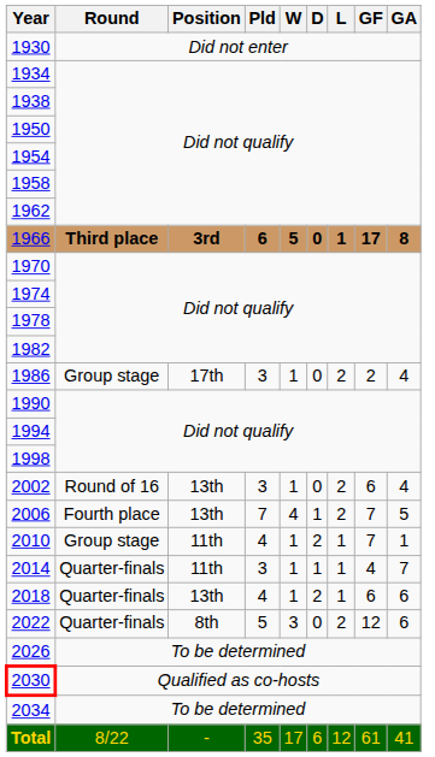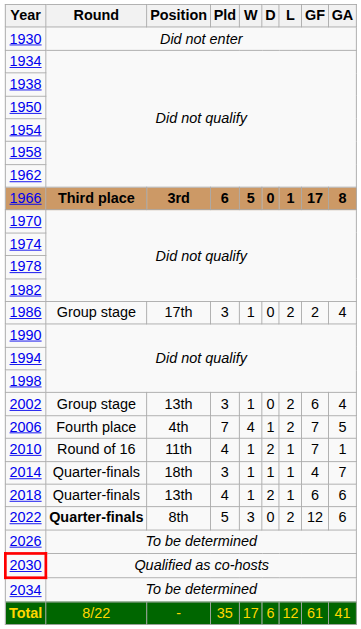 <table class="wikitable" style="text-align: center;">
 <tr>
 <th>Year</th>
 <th>Round</th>
 <th>Position</th>
 <th>Pld</th>
 <th>W</th>
 <th>D</th>
 <th>L</th>
 <th>GF</th>
 <th>GA</th>
 </tr>
 <tr>
 <td> <a href='#'>1930</a></td>
 <td colspan=8><em>Did not enter</em></td>
 </tr>
 <tr>
 <td> <a href='#'>1934</a></td>
 <td rowspan=6 colspan=8><em>Did not qualify</em></td>
 </tr>
 <tr>
 <td> <a href='#'>1938</a></td>
 </tr>
 <tr>
 <td> <a href='#'>1950</a></td>
 </tr>
 <tr>
 <td> <a href='#'>1954</a></td>
 </tr>
 <tr>
 <td> <a href='#'>1958</a></td>
 </tr>
 <tr>
 <td> <a href='#'>1962</a></td>
 </tr>
 <tr style="background:#c96;">
 <td> <a href='#'>1966</a></td>
 <td><strong>Third place</strong></td>
 <td><strong>3rd</strong></td>
 <td><strong>6</strong></td>
 <td><strong>5</strong></td>
 <td><strong>0</strong></td>
 <td><strong>1</strong></td>
 <td><strong>17</strong></td>
 <td><strong>8</strong></td>
 </tr>
 <tr>
 <td> <a href='#'>1970</a></td>
 <td rowspan=4 colspan=8><em>Did not qualify</em></td>
 </tr>
 <tr>
 <td> <a href='#'>1974</a></td>
 </tr>
 <tr>
 <td> <a href='#'>1978</a></td>
 </tr>
 <tr>
 <td> <a href='#'>1982</a></td>
 </tr>
 <tr>
 <td> <a href='#'>1986</a></td>
 <td>Group stage</td>
 <td>17th</td>
 <td>3</td>
 <td>1</td>
 <td>0</td>
 <td>2</td>
 <td>2</td>
 <td>4</td>
 </tr>
 <tr>
 <td> <a href='#'>1990</a></td>
 <td rowspan=3 colspan=8><em>Did not qualify</em></td>
 </tr>
 <tr>
 <td> <a href='#'>1994</a></td>
 </tr>
 <tr>
 <td> <a href='#'>1998</a></td>
 </tr>
 <tr>
 <td> <a href='#'>2002</a></td>
-<td>Round of 16</td>
+<td>Group stage</td>
 <td>13th</td>
 <td>3</td>
 <td>1</td>
 <td>0</td>
 <td>2</td>
 <td>6</td>
 <td>4</td>
 </tr>
 <tr>
 <td> <a href='#'>2006</a></td>
 <td>Fourth place</td>
-<td>13th</td>
+<td>4th</td>
 <td>7</td>
 <td>4</td>
 <td>1</td>
 <td>2</td>
 <td>7</td>
 <td>5</td>
 </tr>
 <tr>
 <td> <a href='#'>2010</a></td>
-<td>Group stage</td>
+<td>Round of 16</td>
 <td>11th</td>
 <td>4</td>
 <td>1</td>
 <td>2</td>
 <td>1</td>
 <td>7</td>
 <td>1</td>
 </tr>
 <tr>
 <td> <a href='#'>2014</a></td>
 <td>Quarter-finals</td>
-<td>11th</td>
+<td>18th</td>
 <td>3</td>
 <td>1</td>
 <td>1</td>
 <td>1</td>
 <td>4</td>
 <td>7</td>
 </tr>
 <tr>
 <td> <a href='#'>2018</a></td>
 <td>Quarter-finals</td>
 <td>13th</td>
 <td>4</td>
 <td>1</td>
 <td>2</td>
 <td>1</td>
 <td>6</td>
 <td>6</td>
 </tr>
 <tr>
 <td> <a href='#'>2022</a></td>
-<td>Quarter-finals</td>
+<td><strong>Quarter-finals</strong></td>
 <td>8th</td>
 <td>5</td>
 <td>3</td>
 <td>0</td>
 <td>2</td>
 <td>12</td>
 <td>6</td>
 </tr>
 <tr>
 <td> <a href='#'>2026</a></td>
 <td colspan=8><em>To be determined</em></td>
 </tr>
 <tr>
 <td style="border: 3px solid red">   <a href='#'>2030</a></td>
 <td colspan=8><em>Qualified as co-hosts</em></td>
 </tr>
 <tr>
 <td> <a href='#'>2034</a></td>
 <td colspan=8><em>To be determined</em></td>
 </tr>
 <tr>
 <td style="background:#006600; color:gold; "><strong>Total</strong></td>
 <td style="background:#006600; color:gold; ">8/22</td>
 <td style="background:#006600; color:gold; ">-</td>
 <td style="background:#006600; color:gold; ">35</td>
 <td style="background:#006600; color:gold; ">17</td>
 <td style="background:#006600; color:gold; ">6</td>
 <td style="background:#006600; color:gold; ">12</td>
 <td style="background:#006600; color:gold; ">61</td>
 <td style="background:#006600; color:gold; ">41</td>
 </tr>
 </table>
